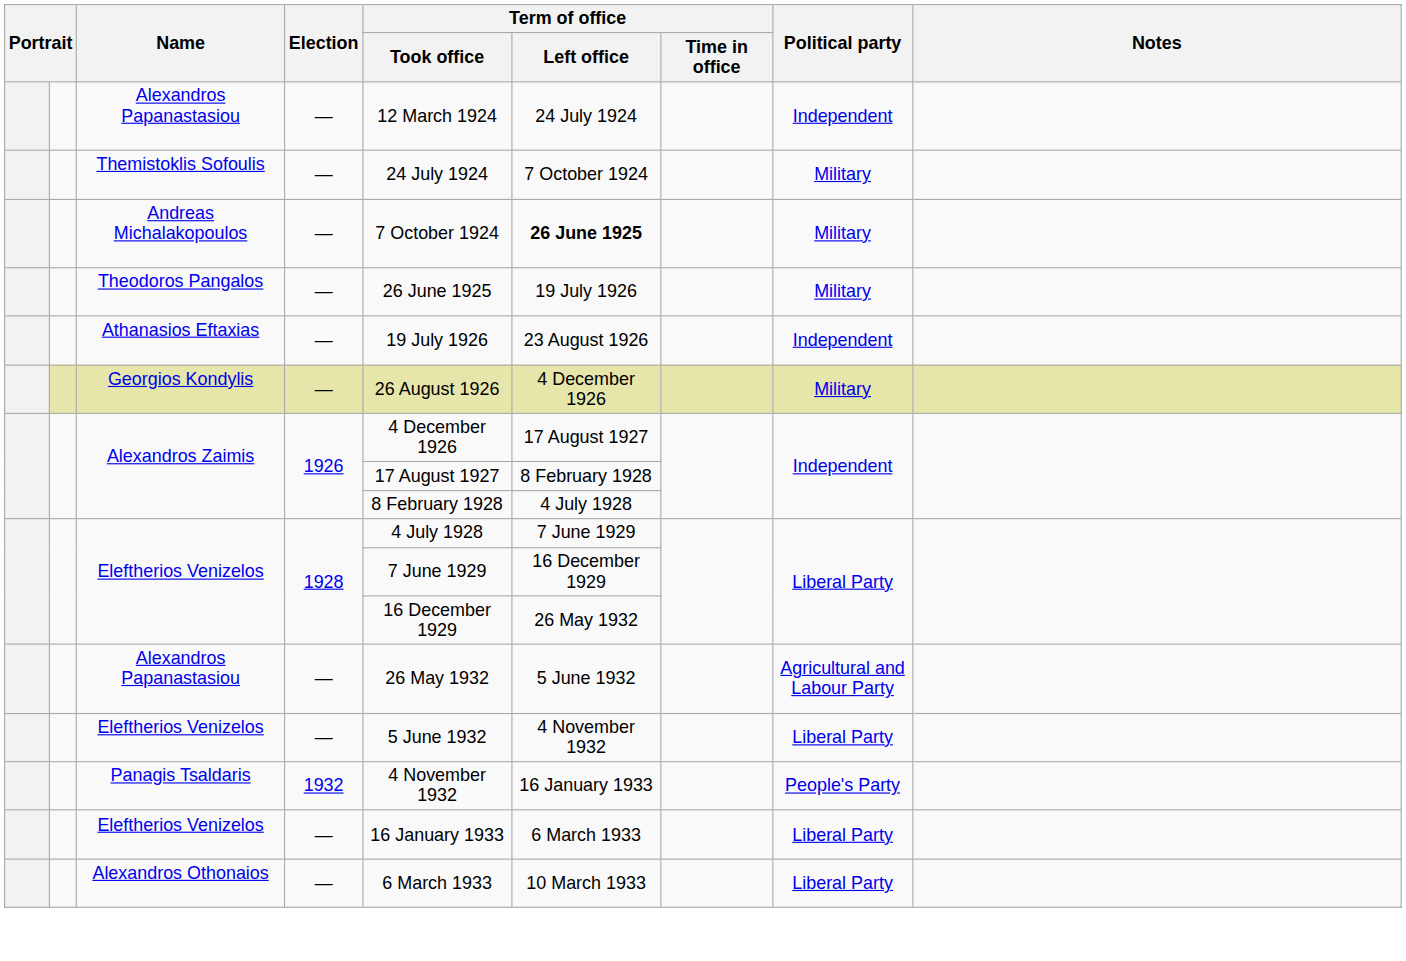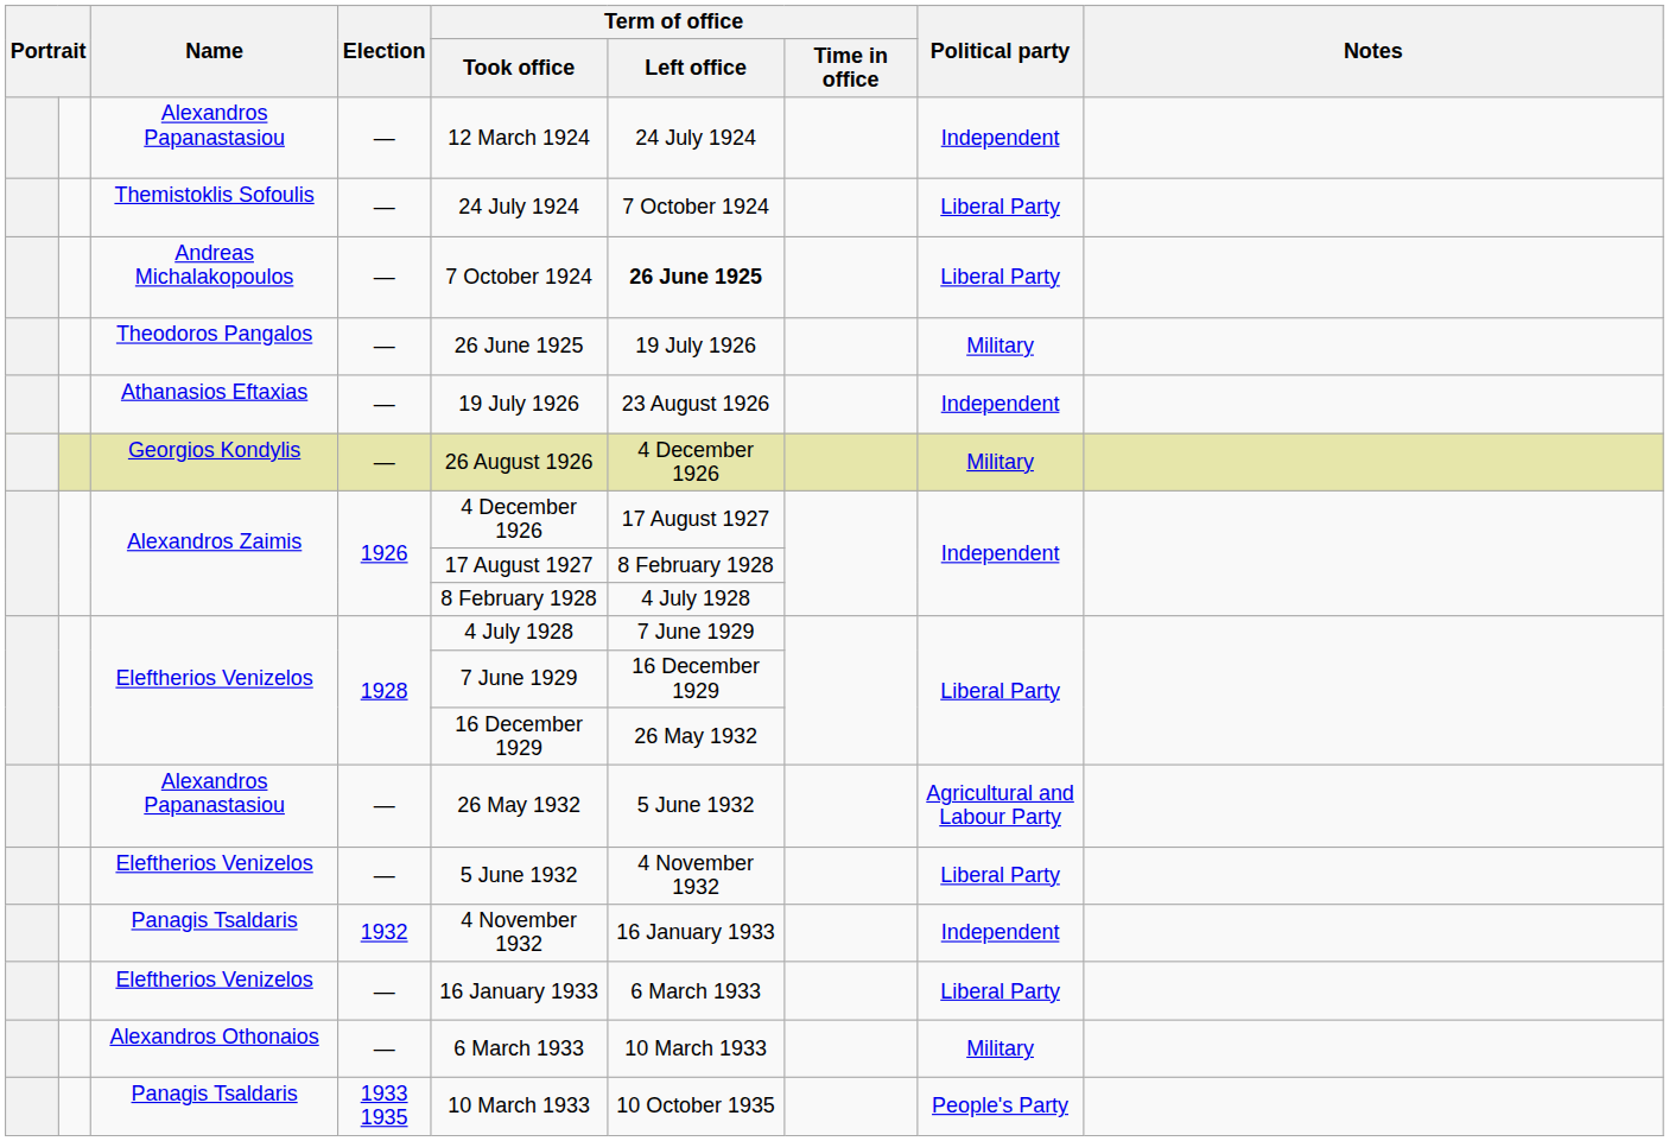 <table class=wikitable style=text-align:center>
 <tr>
 <th colspan="2" rowspan="2">Portrait</th>
 <th rowspan="2">Name<br></th>
 <th rowspan="2" style="width:5%;">Election</th>
 <th colspan="3">Term of office</th>
 <th rowspan="2" style="width:10%;">Political party</th>
 <th rowspan="2" style="width:35%;">Notes</th>
 </tr>
 <tr>
 <th>Took office</th>
 <th>Left office</th>
 <th>Time in office</th>
 </tr>
 <tr>
 <th style="background:"> </th>
 <td></td>
 <td><a href='#'>Alexandros Papanastasiou</a><br><br></td>
 <td>—</td>
 <td>12 March 1924</td>
 <td>24 July 1924</td>
 <td></td>
 <td><a href='#'>Independent</a></td>
 <td></td>
 </tr>
 <tr>
 <th style="background:"></th>
 <td></td>
 <td><a href='#'>Themistoklis Sofoulis</a><br><br></td>
 <td>—</td>
 <td>24 July 1924</td>
 <td>7 October 1924</td>
 <td></td>
-<td><a href='#'>Military</a></td>
+<td><a href='#'>Liberal Party</a></td>
 <td></td>
 </tr>
 <tr>
 <th style="background:"></th>
 <td></td>
 <td><a href='#'>Andreas Michalakopoulos</a><br><br></td>
 <td>—</td>
 <td>7 October 1924</td>
 <td><strong>26 June 1925</strong></td>
 <td></td>
-<td><a href='#'>Military</a></td>
+<td><a href='#'>Liberal Party</a></td>
 <td></td>
 </tr>
 <tr>
 <th style="background:"></th>
 <td></td>
 <td><a href='#'>Theodoros Pangalos</a><br><br></td>
 <td>—</td>
 <td>26 June 1925</td>
 <td>19 July 1926</td>
 <td></td>
 <td><a href='#'>Military</a></td>
 <td></td>
 </tr>
 <tr>
 <th style="background:"></th>
 <td></td>
 <td><a href='#'>Athanasios Eftaxias</a><br><br></td>
 <td>—</td>
 <td>19 July 1926</td>
 <td>23 August 1926</td>
 <td></td>
 <td><a href='#'>Independent</a></td>
 <td></td>
 </tr>
 <tr style="background:#e6e6aa;">
 <th style="background:"></th>
 <td></td>
 <td><a href='#'>Georgios Kondylis</a><br><br></td>
 <td>—</td>
 <td>26 August 1926</td>
 <td>4 December 1926</td>
 <td></td>
 <td><a href='#'>Military</a></td>
 <td></td>
 </tr>
 <tr>
 <th rowspan="3" style="background:"></th>
 <td rowspan="3"></td>
 <td rowspan="3"><a href='#'>Alexandros Zaimis</a><br><br></td>
 <td rowspan="3"><a href='#'>1926</a></td>
 <td>4 December 1926</td>
 <td>17 August 1927</td>
 <td rowspan="3"></td>
 <td rowspan="3"><a href='#'>Independent</a></td>
 <td rowspan="3"></td>
 </tr>
 <tr>
 <td>17 August 1927</td>
 <td>8 February 1928</td>
 </tr>
 <tr>
 <td>8 February 1928</td>
 <td>4 July 1928</td>
 </tr>
 <tr>
 <th rowspan="3" style="background:"></th>
 <td rowspan="3"></td>
 <td rowspan="3"><a href='#'>Eleftherios Venizelos</a><br><br></td>
 <td rowspan="3"><a href='#'>1928</a></td>
 <td>4 July 1928</td>
 <td>7 June 1929</td>
 <td rowspan="3"></td>
 <td rowspan="3"><a href='#'>Liberal Party</a></td>
 <td rowspan="3"></td>
 </tr>
 <tr>
 <td>7 June 1929</td>
 <td>16 December 1929</td>
 </tr>
 <tr>
 <td>16 December 1929</td>
 <td>26 May 1932</td>
 </tr>
 <tr>
 <th style="background:"></th>
 <td></td>
 <td><a href='#'>Alexandros Papanastasiou</a><br><br></td>
 <td>—</td>
 <td>26 May 1932</td>
 <td>5 June 1932</td>
 <td></td>
 <td><a href='#'>Agricultural and Labour Party</a></td>
 <td></td>
 </tr>
 <tr>
 <th style="background:"></th>
 <td></td>
 <td><a href='#'>Eleftherios Venizelos</a><br><br></td>
 <td>—</td>
 <td>5 June 1932</td>
 <td>4 November 1932</td>
 <td></td>
 <td><a href='#'>Liberal Party</a></td>
 <td></td>
 </tr>
 <tr>
 <th style="background:"></th>
 <td></td>
 <td><a href='#'>Panagis Tsaldaris</a><br><br></td>
 <td><a href='#'>1932</a></td>
 <td>4 November 1932</td>
 <td>16 January 1933</td>
 <td></td>
-<td><a href='#'>People's Party</a></td>
+<td><a href='#'>Independent</a></td>
 <td></td>
 </tr>
 <tr>
 <th style="background:"></th>
 <td></td>
 <td><a href='#'>Eleftherios Venizelos</a><br><br></td>
 <td>—</td>
 <td>16 January 1933</td>
 <td>6 March 1933</td>
 <td></td>
 <td><a href='#'>Liberal Party</a></td>
 <td></td>
 </tr>
 <tr>
 <th style="background:"></th>
 <td></td>
 <td><a href='#'>Alexandros Othonaios</a><br><br></td>
 <td>—</td>
 <td>6 March 1933</td>
 <td>10 March 1933</td>
 <td></td>
-<td><a href='#'>Liberal Party</a></td>
+<td><a href='#'>Military</a></td>
+<td></td>
+</tr>
+<tr>
+<th style="background:"></th>
+<td></td>
+<td><a href='#'>Panagis Tsaldaris</a><br><br></td>
+<td><a href='#'>1933</a><br><a href='#'>1935</a></td>
+<td>10 March 1933</td>
+<td>10 October 1935</td>
+<td></td>
+<td><a href='#'>People's Party</a></td>
 <td></td>
 </tr>
 </table>
